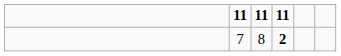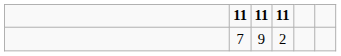 <table class="wikitable">
 <tr>
 <td style="width:15em"></td>
 <td align=center style="width:1em"><strong>11</strong></td>
 <td align=center style="width:1em"><strong>11</strong></td>
 <td align=center style="width:1em"><strong>11</strong></td>
 <td align=center style="width:1em"></td>
 <td align=center style="width:1em"></td>
 </tr>
 <tr>
 <td style="width:15em"></td>
 <td align=center style="width:1em">7</td>
-<td align=center style="width:1em">8</td>
-<td align=center style="width:1em"><strong>2</strong></td>
+<td align=center style="width:1em">9</td>
+<td align=center style="width:1em">2</td>
 <td align=center style="width:1em"></td>
 <td align=center style="width:1em"></td>
 </tr>
 </table>
